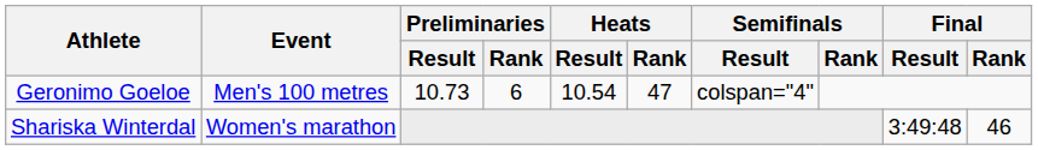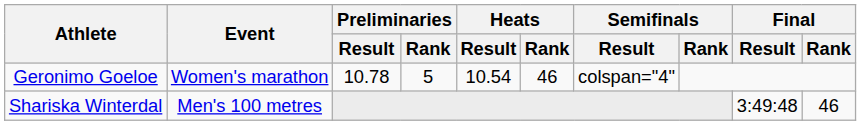 <table class=wikitable style="text-align:center; font-size:90%">
 <tr>
 <th rowspan="2">Athlete</th>
 <th rowspan="2">Event</th>
 <th colspan="2">Preliminaries</th>
 <th colspan="2">Heats</th>
 <th colspan="2">Semifinals</th>
 <th colspan="2">Final</th>
 </tr>
 <tr>
 <th>Result</th>
 <th>Rank</th>
 <th>Result</th>
 <th>Rank</th>
 <th>Result</th>
 <th>Rank</th>
 <th>Result</th>
 <th>Rank</th>
 </tr>
 <tr>
 <td><a href='#'>Geronimo Goeloe</a></td>
-<td><a href='#'>Men's 100 metres</a></td>
-<td>10.73 </td>
-<td>6 </td>
+<td><a href='#'>Women's marathon</a></td>
+<td>10.78 </td>
+<td>5 </td>
 <td>10.54</td>
-<td>47</td>
+<td>46</td>
 <td>colspan="4"</td>
 </tr>
 <tr>
 <td><a href='#'>Shariska Winterdal</a></td>
-<td><a href='#'>Women's marathon</a></td>
+<td><a href='#'>Men's 100 metres</a></td>
 <td colspan=6 bgcolor="ececec"></td>
 <td>3:49:48 </td>
 <td>46</td>
 </tr>
 </table>
